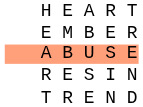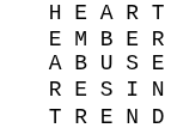 <table style="font-family: monospace; margin: 0 0 0 0; line-height:90%">
 <tr>
 <td style="padding-left: 2em;">H E A R T</td>
 </tr>
 <tr>
 <td style="padding-left: 2em;">E M B E R</td>
 </tr>
 <tr>
-<td style="background: lightsalmon; padding-left: 2em;">A B U S E</td>
+<td style="padding-left: 2em;">A B U S E</td>
 </tr>
 <tr>
 <td style="padding-left: 2em;">R E S I N</td>
 </tr>
 <tr>
 <td style="padding-left: 2em;">T R E N D</td>
 </tr>
 </table>
